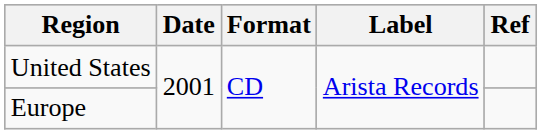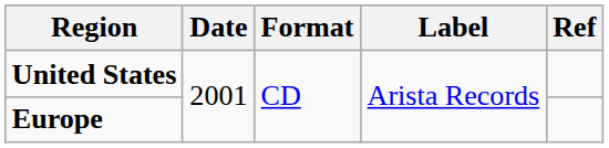 <table class="wikitable plainrowheaders">
 <tr>
 <th>Region</th>
 <th>Date</th>
 <th>Format</th>
 <th>Label</th>
 <th>Ref</th>
 </tr>
 <tr>
-<td>United States</td>
+<td><strong>United States</strong></td>
 <td rowspan="2">2001</td>
 <td rowspan="2"><a href='#'>CD</a></td>
 <td rowspan="2"><a href='#'>Arista Records</a></td>
 <td></td>
 </tr>
 <tr>
-<td>Europe</td>
+<td><strong>Europe</strong></td>
 <td></td>
 </tr>
 </table>
